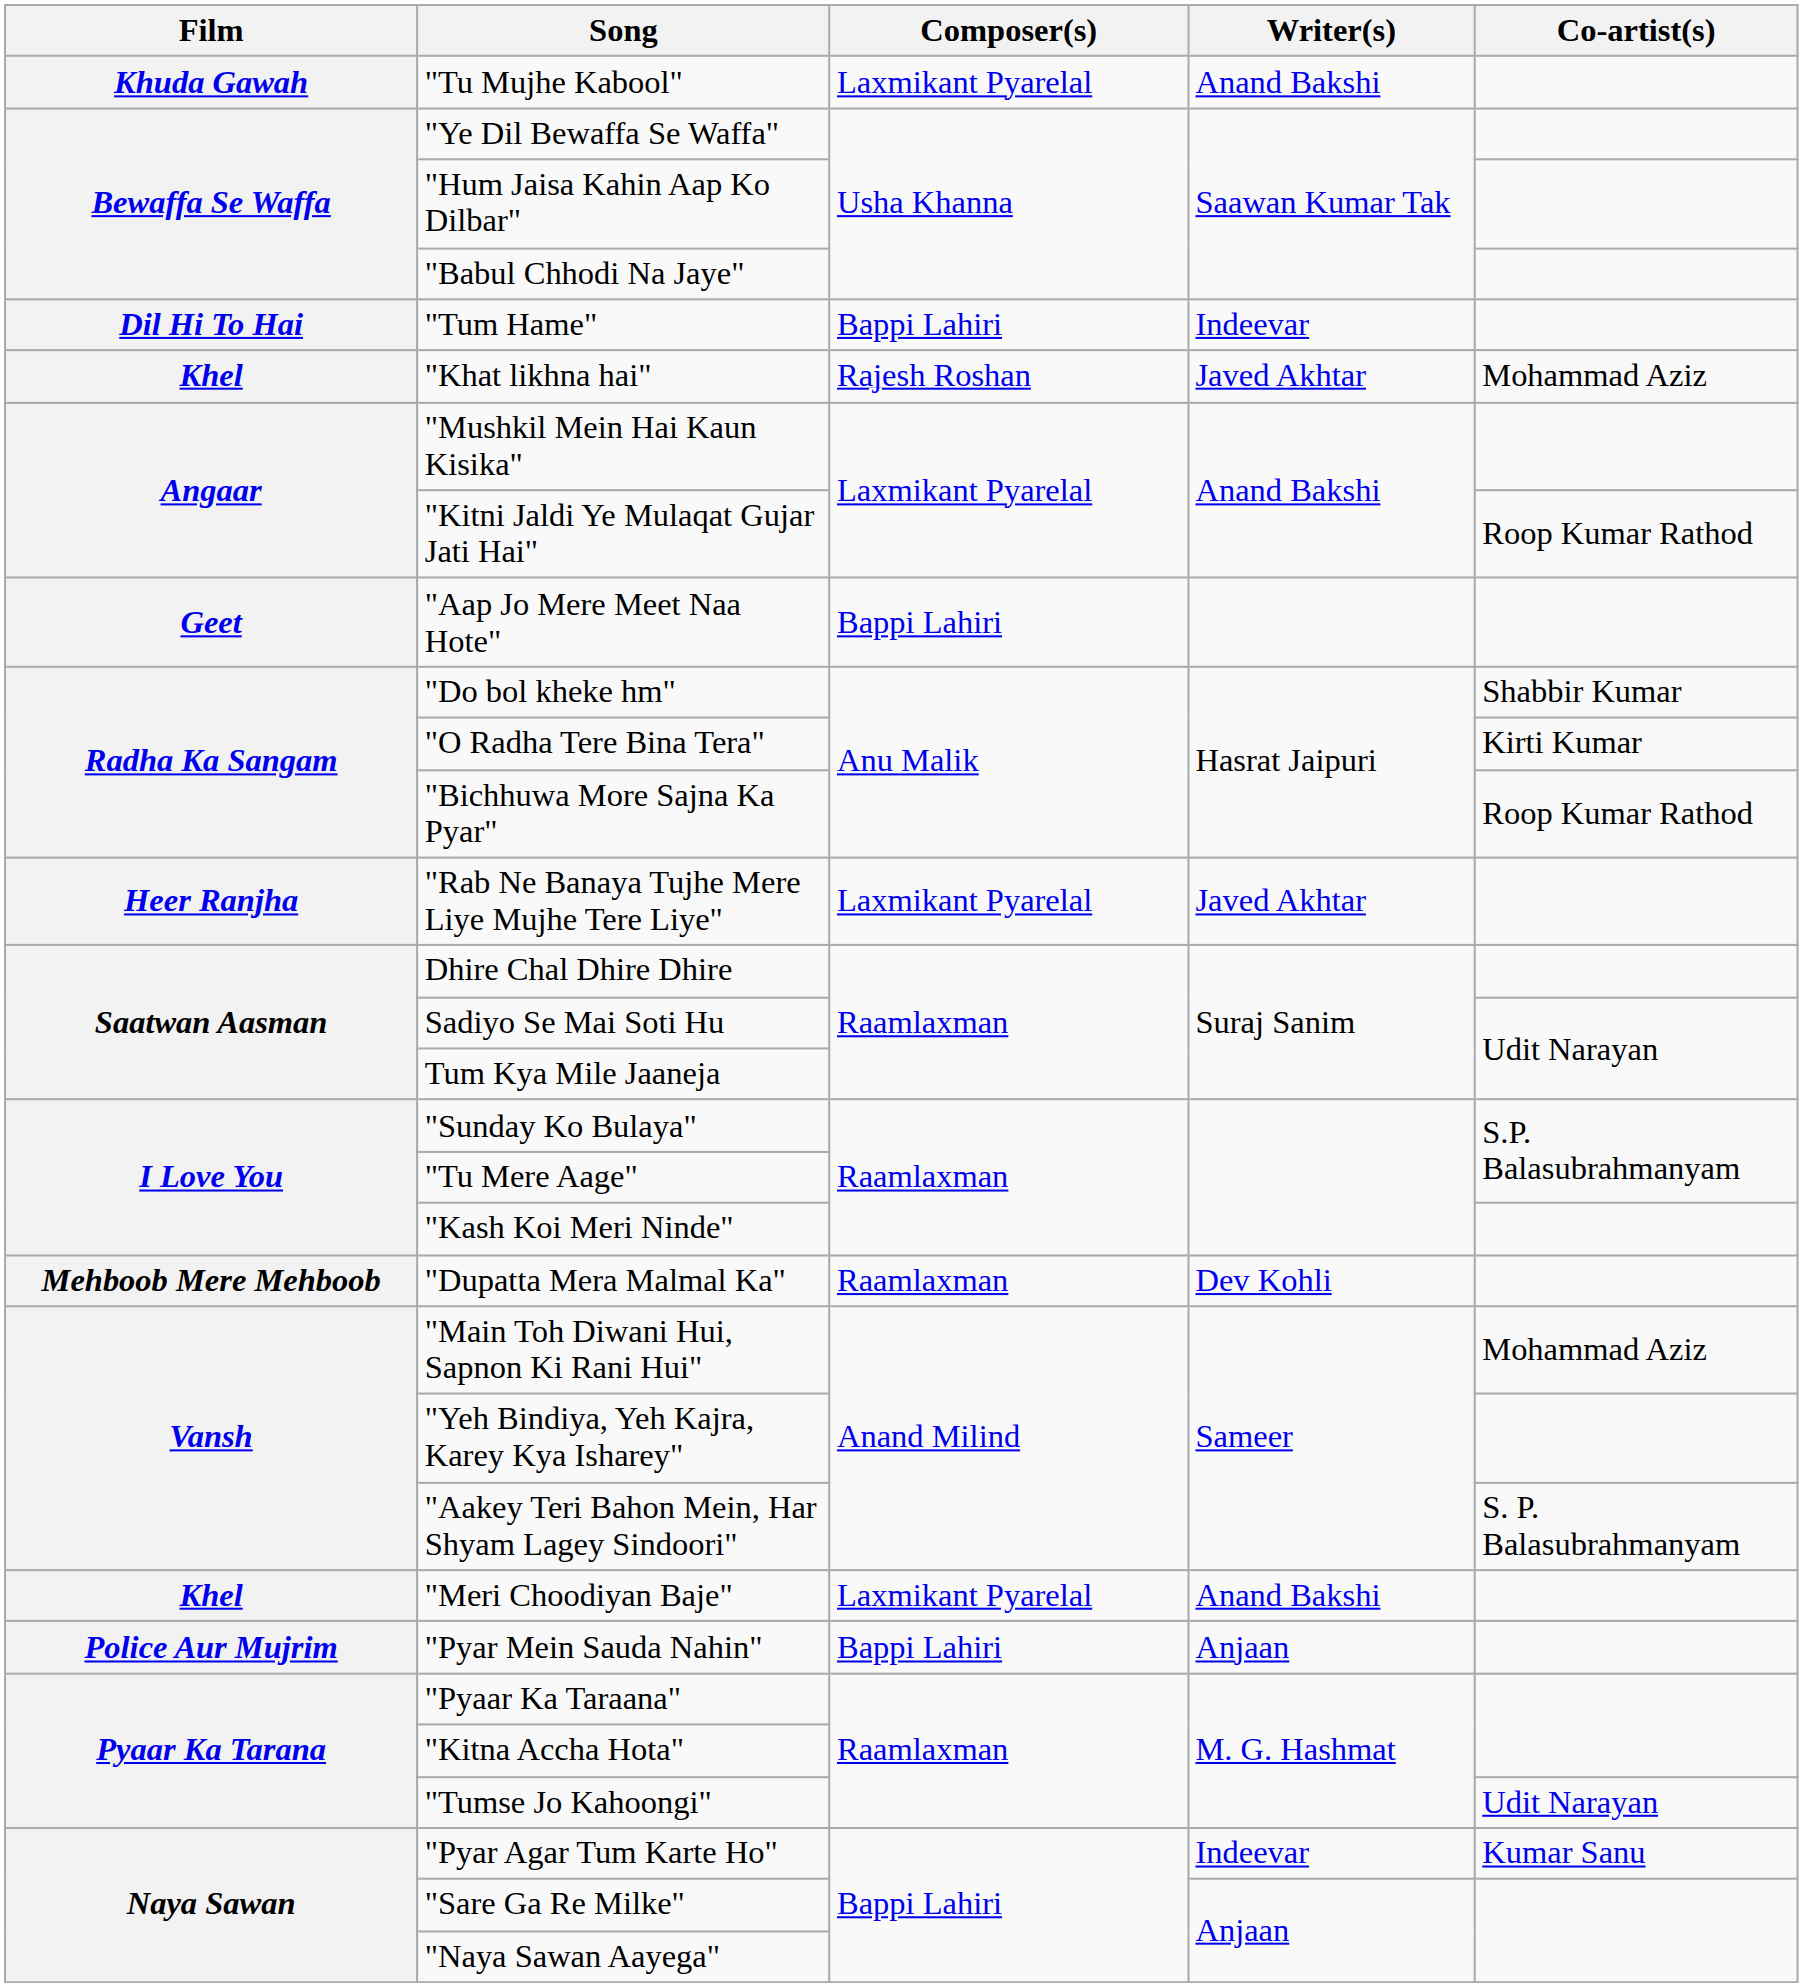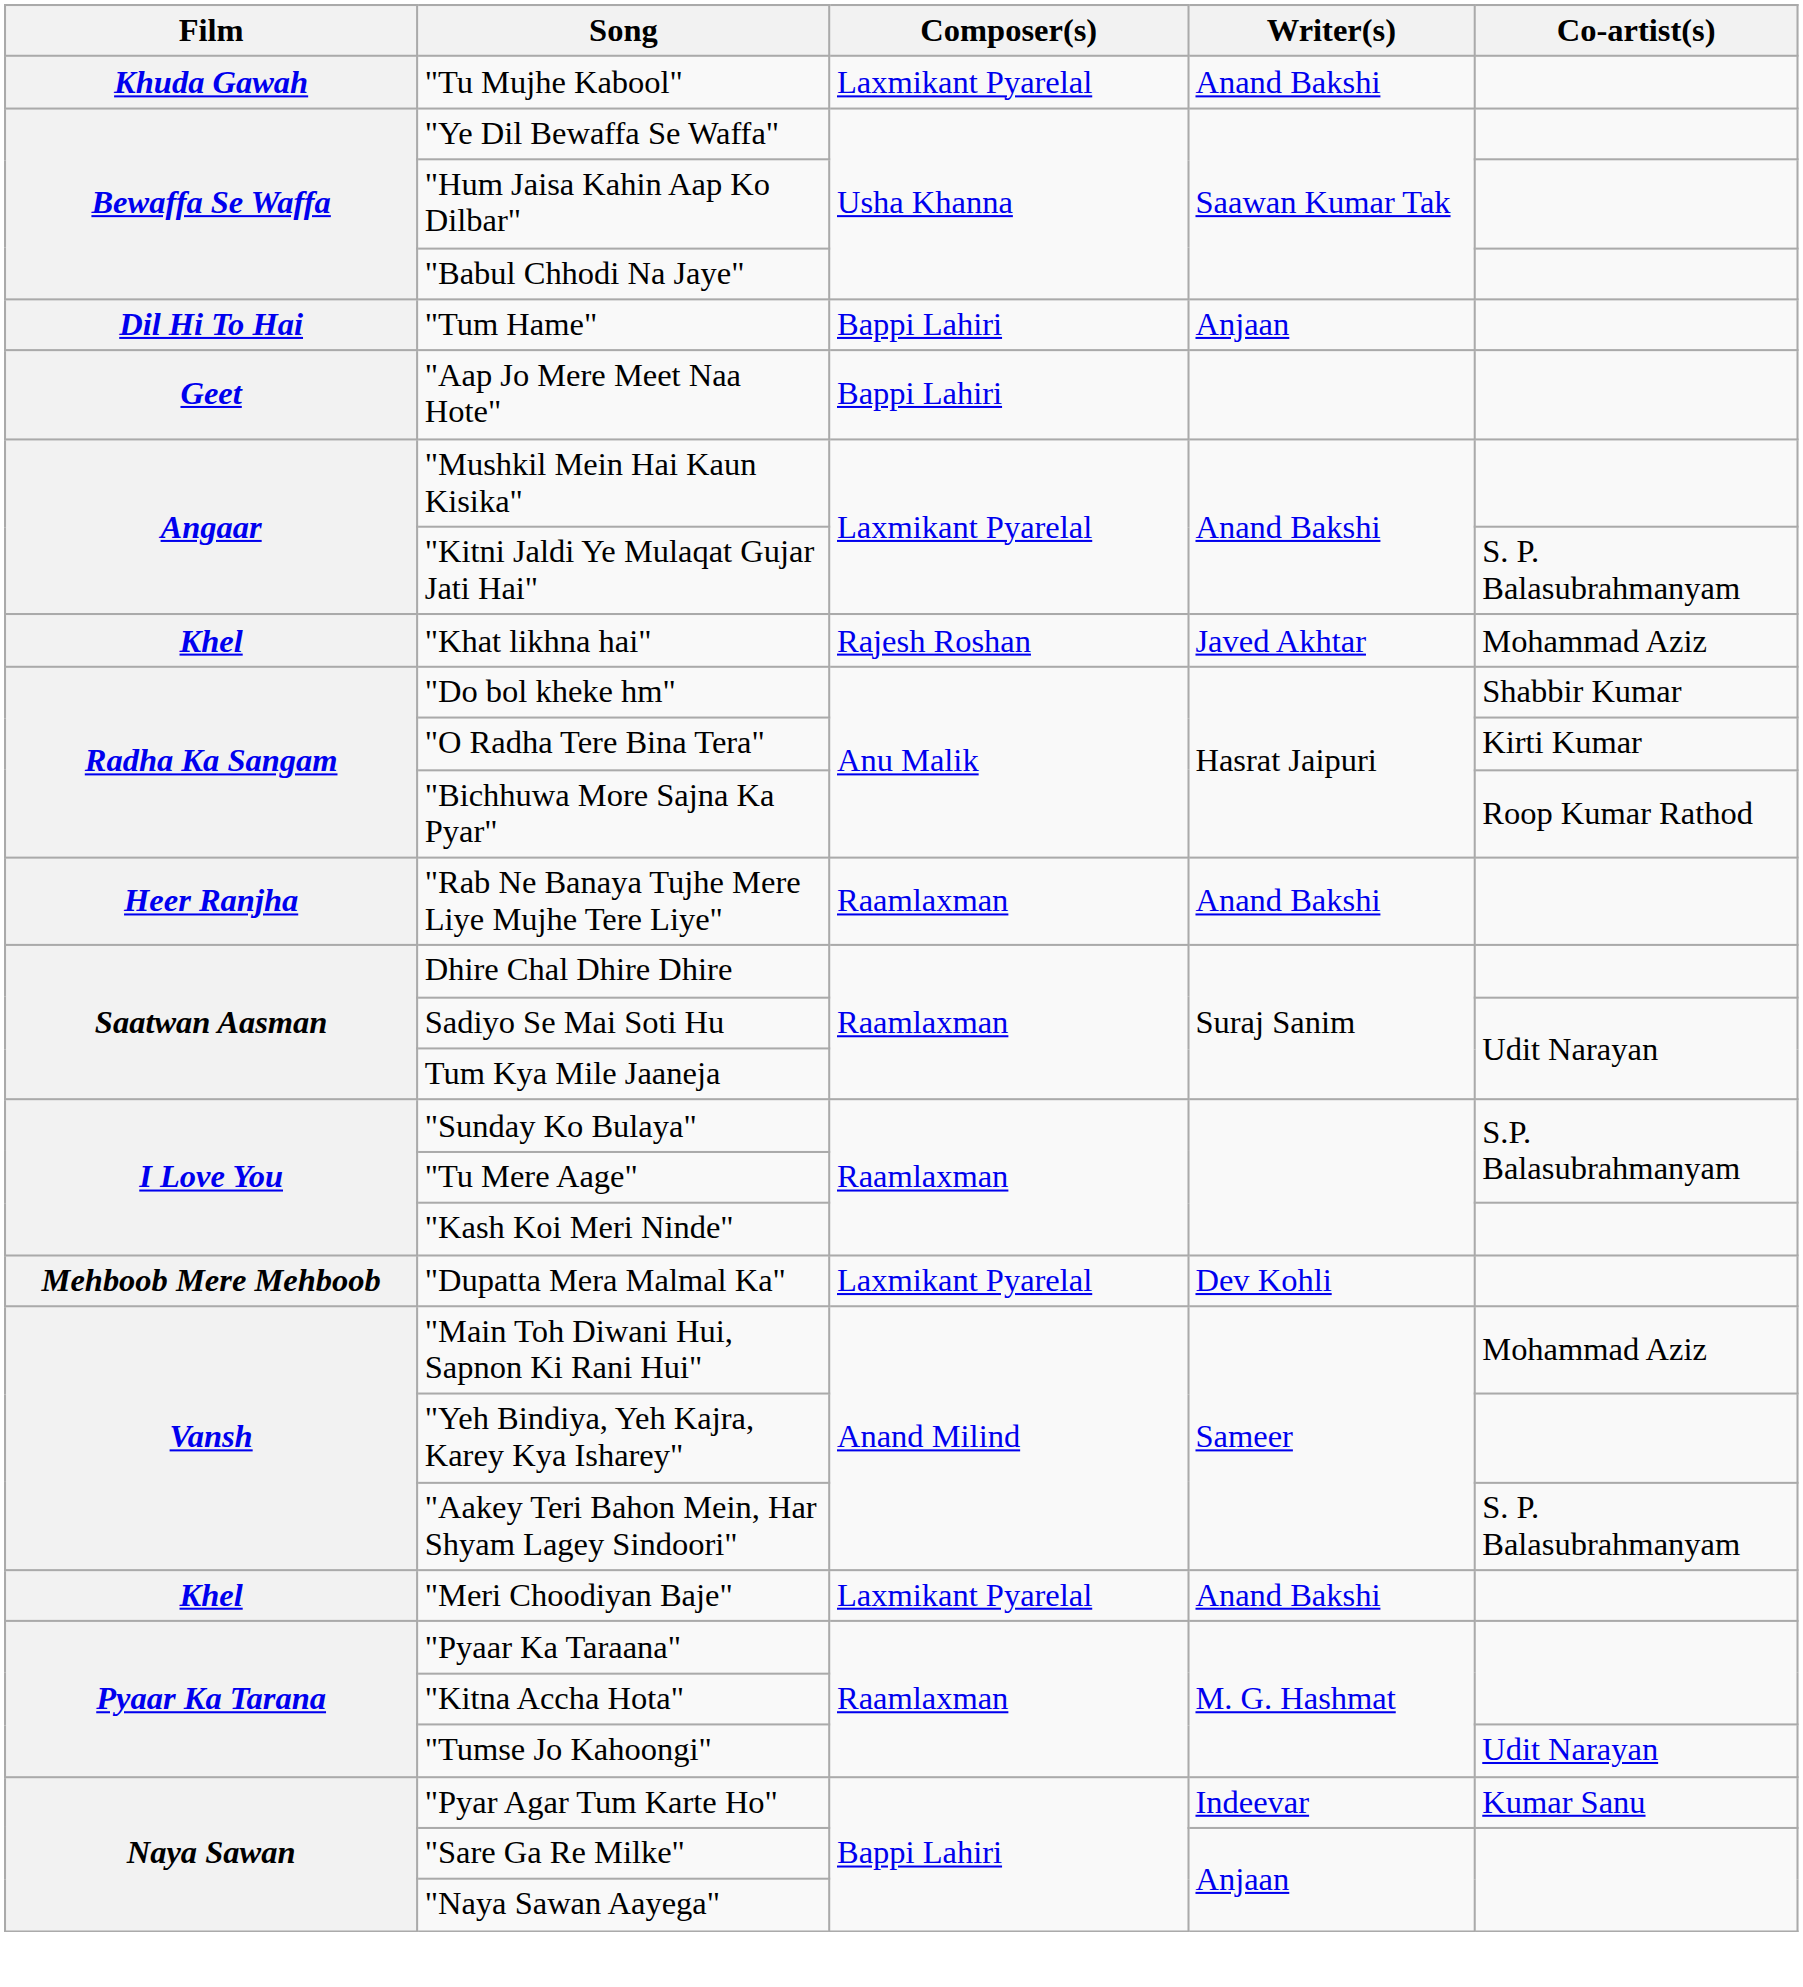 <table class="wikitable plainrowheaders" style="width:100%; textcolor:#000">
 <tr style="background:#b0e0e66;">
 <th scope="col" style="width:23%;"><strong>Film</strong></th>
 <th scope="col" style="width:23%;"><strong>Song</strong></th>
 <th scope="col" style="width:20%;"><strong>Composer(s)</strong></th>
 <th scope="col" style="width:16%;"><strong>Writer(s)</strong></th>
 <th scope="col" style="width:18%;"><strong>Co-artist(s)</strong></th>
 </tr>
 <tr>
 <th><em><a href='#'>Khuda Gawah</a></em></th>
 <td>"Tu Mujhe Kabool"</td>
 <td><a href='#'>Laxmikant Pyarelal</a></td>
 <td><a href='#'>Anand Bakshi</a></td>
 <td></td>
 </tr>
 <tr>
 <th Rowspan=3><em><a href='#'>Bewaffa Se Waffa</a></em></th>
 <td>"Ye Dil Bewaffa Se Waffa"</td>
 <td Rowspan=3><a href='#'>Usha Khanna</a></td>
 <td Rowspan=3><a href='#'>Saawan Kumar Tak</a></td>
 <td></td>
 </tr>
 <tr>
 <td>"Hum Jaisa Kahin Aap Ko Dilbar"</td>
 <td></td>
 </tr>
 <tr>
 <td>"Babul Chhodi Na Jaye"</td>
 <td></td>
 </tr>
 <tr>
 <th><em><a href='#'>Dil Hi To Hai</a></em></th>
 <td>"Tum Hame"</td>
 <td><a href='#'>Bappi Lahiri</a></td>
-<td><a href='#'>Indeevar</a></td>
+<td><a href='#'>Anjaan</a></td>
 <td></td>
 </tr>
 <tr>
-<th><em><a href='#'>Khel</a></em></th>
-<td>"Khat likhna hai"</td>
-<td><a href='#'>Rajesh Roshan</a></td>
-<td><a href='#'>Javed Akhtar</a></td>
-<td>Mohammad Aziz</td>
+<th><em><a href='#'>Geet</a></em></th>
+<td>"Aap Jo Mere Meet Naa Hote"</td>
+<td><a href='#'>Bappi Lahiri</a></td>
+<td></td>
+<td></td>
 </tr>
 <tr>
 <th Rowspan=2><em><a href='#'>Angaar</a></em></th>
 <td>"Mushkil Mein Hai Kaun Kisika"</td>
 <td rowspan=2><a href='#'>Laxmikant Pyarelal</a></td>
 <td rowspan=2><a href='#'>Anand Bakshi</a></td>
 <td></td>
 </tr>
 <tr>
 <td>"Kitni Jaldi Ye Mulaqat Gujar Jati Hai"</td>
-<td>Roop Kumar Rathod</td>
+<td>S. P. Balasubrahmanyam</td>
 </tr>
 <tr>
-<th><em><a href='#'>Geet</a></em></th>
-<td>"Aap Jo Mere Meet Naa Hote"</td>
-<td><a href='#'>Bappi Lahiri</a></td>
-<td></td>
-<td></td>
+<th><em><a href='#'>Khel</a></em></th>
+<td>"Khat likhna hai"</td>
+<td><a href='#'>Rajesh Roshan</a></td>
+<td><a href='#'>Javed Akhtar</a></td>
+<td>Mohammad Aziz</td>
 </tr>
 <tr>
 <th Rowspan=3><em><a href='#'>Radha Ka Sangam</a></em></th>
 <td>"Do bol kheke hm"</td>
 <td rowspan=3><a href='#'>Anu Malik</a></td>
 <td rowspan=3>Hasrat Jaipuri</td>
 <td>Shabbir Kumar</td>
 </tr>
 <tr>
 <td>"O Radha Tere Bina Tera"</td>
 <td>Kirti Kumar</td>
 </tr>
 <tr>
 <td>"Bichhuwa More Sajna Ka Pyar"</td>
 <td>Roop Kumar Rathod</td>
 </tr>
 <tr>
 <th><em><a href='#'>Heer Ranjha</a></em></th>
 <td>"Rab Ne Banaya Tujhe Mere Liye Mujhe Tere Liye"</td>
-<td><a href='#'>Laxmikant Pyarelal</a></td>
-<td><a href='#'>Javed Akhtar</a></td>
+<td><a href='#'>Raamlaxman</a></td>
+<td><a href='#'>Anand Bakshi</a></td>
 <td></td>
 </tr>
 <tr>
 <th Rowspan=3><em>Saatwan Aasman</em></th>
 <td>Dhire Chal Dhire Dhire</td>
 <td rowspan=3><a href='#'>Raamlaxman</a></td>
 <td rowspan=3>Suraj Sanim</td>
 <td></td>
 </tr>
 <tr>
 <td>Sadiyo Se Mai Soti Hu</td>
 <td rowspan=2>Udit Narayan</td>
 </tr>
 <tr>
 <td>Tum Kya Mile Jaaneja</td>
 </tr>
 <tr>
 <th Rowspan=3><em><a href='#'>I Love You</a></em></th>
 <td>"Sunday Ko Bulaya"</td>
 <td rowspan=3><a href='#'>Raamlaxman</a></td>
 <td rowspan=3></td>
 <td rowspan=2>S.P. Balasubrahmanyam</td>
 </tr>
 <tr>
 <td>"Tu Mere Aage"</td>
 </tr>
 <tr>
 <td>"Kash Koi Meri Ninde"</td>
 <td></td>
 </tr>
 <tr>
 <th><em>Mehboob Mere Mehboob</em></th>
 <td>"Dupatta Mera Malmal Ka"</td>
-<td><a href='#'>Raamlaxman</a></td>
+<td><a href='#'>Laxmikant Pyarelal</a></td>
 <td><a href='#'>Dev Kohli</a></td>
 <td></td>
 </tr>
 <tr>
 <th Rowspan=3><em><a href='#'>Vansh</a></em></th>
 <td>"Main Toh Diwani Hui, Sapnon Ki Rani Hui"</td>
 <td rowspan=3><a href='#'>Anand Milind</a></td>
 <td rowspan=3><a href='#'>Sameer</a></td>
 <td>Mohammad Aziz</td>
 </tr>
 <tr>
 <td>"Yeh Bindiya, Yeh Kajra, Karey Kya Isharey"</td>
 <td></td>
 </tr>
 <tr>
 <td>"Aakey Teri Bahon Mein, Har Shyam Lagey Sindoori"</td>
 <td>S. P. Balasubrahmanyam</td>
 </tr>
 <tr>
 <th><em><a href='#'>Khel</a></em></th>
 <td>"Meri Choodiyan Baje"</td>
 <td><a href='#'>Laxmikant Pyarelal</a></td>
 <td><a href='#'>Anand Bakshi</a></td>
-<td></td>
-</tr>
-<tr>
-<th><em><a href='#'>Police Aur Mujrim</a></em></th>
-<td>"Pyar Mein Sauda Nahin"</td>
-<td><a href='#'>Bappi Lahiri</a></td>
-<td><a href='#'>Anjaan</a></td>
 <td></td>
 </tr>
 <tr>
 <th Rowspan=3><em><a href='#'>Pyaar Ka Tarana</a></em></th>
 <td>"Pyaar Ka Taraana"</td>
 <td rowspan=3><a href='#'>Raamlaxman</a></td>
 <td rowspan=3><a href='#'>M. G. Hashmat</a></td>
 <td rowspan=2></td>
 </tr>
 <tr>
 <td>"Kitna Accha Hota"</td>
 </tr>
 <tr>
 <td>"Tumse Jo Kahoongi"</td>
 <td><a href='#'>Udit Narayan</a></td>
 </tr>
 <tr>
 <th Rowspan=3><em>Naya Sawan</em></th>
 <td>"Pyar Agar Tum Karte Ho"</td>
 <td rowspan=3><a href='#'>Bappi Lahiri</a></td>
 <td><a href='#'>Indeevar</a></td>
 <td><a href='#'>Kumar Sanu</a></td>
 </tr>
 <tr>
 <td>"Sare Ga Re Milke"</td>
 <td rowspan=2><a href='#'>Anjaan</a></td>
 <td rowspan=2></td>
 </tr>
 <tr>
 <td>"Naya Sawan Aayega"</td>
 </tr>
 </table>
